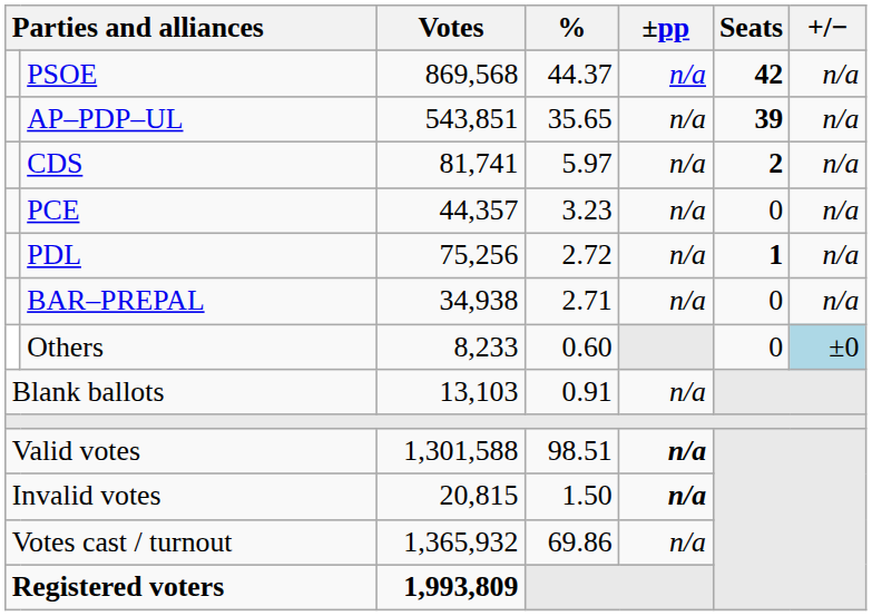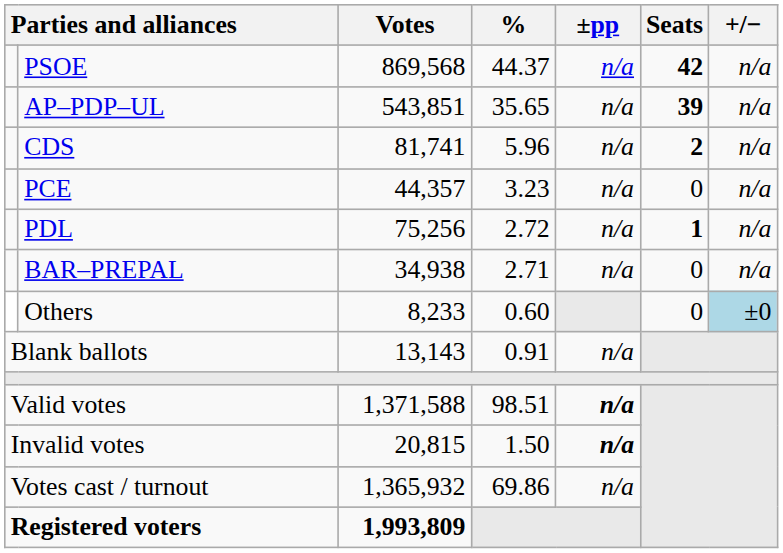 <table class="wikitable" style="text-align:right;">
 <tr>
 <th style="text-align:left;" colspan="2" width="200">Parties and alliances</th>
 <th width="75">Votes</th>
 <th width="45">%</th>
 <th width="45">±<a href='#'>pp</a></th>
 <th width="35">Seats</th>
 <th width="35">+/−</th>
 </tr>
 <tr>
 <td width="1" style="color:inherit;background:"></td>
 <td align="left"><a href='#'>PSOE</a></td>
 <td>869,568</td>
 <td>44.37</td>
 <td><em><a href='#'>n/a</a></em></td>
 <td><strong>42</strong></td>
 <td><em>n/a</em></td>
 </tr>
 <tr>
 <td style="color:inherit;background:"></td>
 <td align="left"><a href='#'>AP–PDP–UL</a></td>
 <td>543,851</td>
 <td>35.65</td>
 <td><em>n/a</em></td>
 <td><strong>39</strong></td>
 <td><em>n/a</em></td>
 </tr>
 <tr>
 <td style="color:inherit;background:"></td>
 <td align="left"><a href='#'>CDS</a></td>
 <td>81,741</td>
-<td>5.97</td>
+<td>5.96</td>
 <td><em>n/a</em></td>
 <td><strong>2</strong></td>
 <td><em>n/a</em></td>
 </tr>
 <tr>
 <td style="color:inherit;background:"></td>
 <td align="left"><a href='#'>PCE</a></td>
 <td>44,357</td>
 <td>3.23</td>
 <td><em>n/a</em></td>
 <td>0</td>
 <td><em>n/a</em></td>
 </tr>
 <tr>
 <td style="color:inherit;background:"></td>
 <td align="left"><a href='#'>PDL</a></td>
 <td>75,256</td>
 <td>2.72</td>
 <td><em>n/a</em></td>
 <td><strong>1</strong></td>
 <td><em>n/a</em></td>
 </tr>
 <tr>
 <td style="color:inherit;background:"></td>
 <td align="left"><a href='#'>BAR–PREPAL</a></td>
 <td>34,938</td>
 <td>2.71</td>
 <td><em>n/a</em></td>
 <td>0</td>
 <td><em>n/a</em></td>
 </tr>
 <tr>
 <td bgcolor="white"></td>
 <td align="left">Others</td>
 <td>8,233</td>
 <td>0.60</td>
 <td bgcolor="#E9E9E9"></td>
 <td>0</td>
 <td style="background: lightblue;">±0</td>
 </tr>
 <tr>
 <td align="left" colspan="2">Blank ballots</td>
-<td>13,103</td>
+<td>13,143</td>
 <td>0.91</td>
 <td><em>n/a</em></td>
 <td bgcolor="#E9E9E9" colspan="2"></td>
 </tr>
 <tr>
 <td colspan="7" bgcolor="#E9E9E9"></td>
 </tr>
 <tr>
 <td align="left" colspan="2">Valid votes</td>
-<td>1,301,588</td>
+<td>1,371,588</td>
 <td>98.51</td>
 <td><strong><em>n/a</em></strong></td>
 <td bgcolor="#E9E9E9" colspan="2" rowspan="4"></td>
 </tr>
 <tr>
 <td align="left" colspan="2">Invalid votes</td>
 <td>20,815</td>
 <td>1.50</td>
 <td><strong><em>n/a</em></strong></td>
 </tr>
 <tr>
 <td align="left" colspan="2">Votes cast / turnout</td>
 <td>1,365,932</td>
 <td>69.86</td>
 <td><em>n/a</em></td>
 </tr>
 <tr style="font-weight:bold;">
 <td align="left" colspan="2">Registered voters</td>
 <td>1,993,809</td>
 <td bgcolor="#E9E9E9" colspan="2"></td>
 </tr>
 </table>
